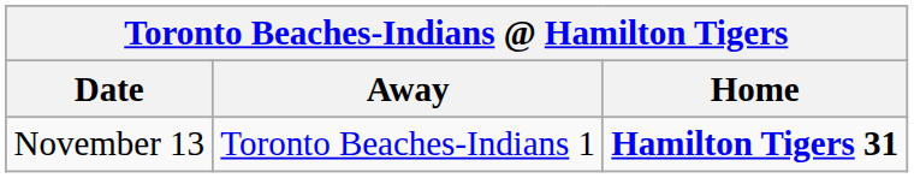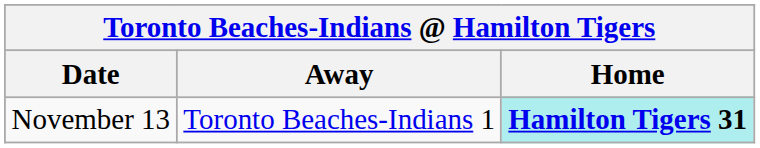 <table class="wikitable">
 <tr>
 <th colspan = "4"><a href='#'>Toronto Beaches-</a><a href='#'>Indians</a> @ <a href='#'>Hamilton Tigers</a></th>
 </tr>
 <tr>
 <th>Date</th>
 <th>Away</th>
 <th>Home</th>
 </tr>
 <tr>
 <td>November 13</td>
 <td><a href='#'>Toronto Beaches-</a><a href='#'>Indians</a> 1</td>
-<td><strong><a href='#'>Hamilton Tigers</a> 31</strong></td>
+<td style="background: paleturquoise;"><strong><a href='#'>Hamilton Tigers</a> 31</strong></td>
 </tr>
 </table>
